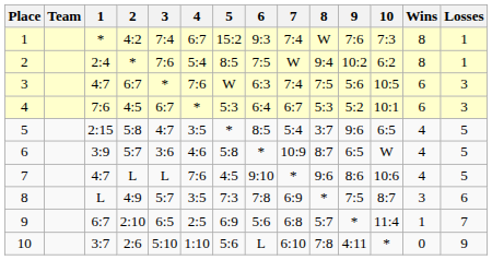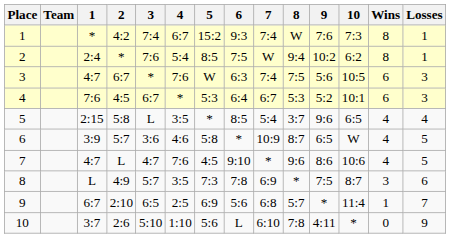 <table class="wikitable" style="text-align:center;">
 <tr>
 <th>Place</th>
 <th>Team</th>
 <th width="25">1</th>
 <th width="25">2</th>
 <th width="25">3</th>
 <th width="25">4</th>
 <th width="25">5</th>
 <th width="25">6</th>
 <th width="25">7</th>
 <th width="25">8</th>
 <th width="25">9</th>
 <th width="25">10</th>
 <th>Wins</th>
 <th>Losses</th>
 </tr>
 <tr bgcolor=#ffc>
 <td>1</td>
 <td align="left"></td>
 <td>*</td>
 <td>4:2</td>
 <td>7:4</td>
 <td>6:7</td>
 <td>15:2</td>
 <td>9:3</td>
 <td>7:4</td>
 <td>W</td>
 <td>7:6</td>
 <td>7:3</td>
 <td>8</td>
 <td>1</td>
 </tr>
 <tr bgcolor=#ffc>
 <td>2</td>
 <td align="left"></td>
 <td>2:4</td>
 <td>*</td>
 <td>7:6</td>
 <td>5:4</td>
 <td>8:5</td>
 <td>7:5</td>
 <td>W</td>
 <td>9:4</td>
 <td>10:2</td>
 <td>6:2</td>
 <td>8</td>
 <td>1</td>
 </tr>
 <tr bgcolor=#ffc>
 <td>3</td>
 <td align="left"></td>
 <td>4:7</td>
 <td>6:7</td>
 <td>*</td>
 <td>7:6</td>
 <td>W</td>
 <td>6:3</td>
 <td>7:4</td>
 <td>7:5</td>
 <td>5:6</td>
 <td>10:5</td>
 <td>6</td>
 <td>3</td>
 </tr>
 <tr bgcolor=#ffc>
 <td>4</td>
 <td align="left"></td>
 <td>7:6</td>
 <td>4:5</td>
 <td>6:7</td>
 <td>*</td>
 <td>5:3</td>
 <td>6:4</td>
 <td>6:7</td>
 <td>5:3</td>
 <td>5:2</td>
 <td>10:1</td>
 <td>6</td>
 <td>3</td>
 </tr>
 <tr>
 <td>5</td>
 <td align="left"></td>
 <td>2:15</td>
 <td>5:8</td>
-<td>4:7</td>
+<td>L</td>
 <td>3:5</td>
 <td>*</td>
 <td>8:5</td>
 <td>5:4</td>
 <td>3:7</td>
 <td>9:6</td>
 <td>6:5</td>
 <td>4</td>
-<td>5</td>
+<td>4</td>
 </tr>
 <tr>
 <td>6</td>
 <td align="left"></td>
 <td>3:9</td>
 <td>5:7</td>
 <td>3:6</td>
 <td>4:6</td>
 <td>5:8</td>
 <td>*</td>
 <td>10:9</td>
 <td>8:7</td>
 <td>6:5</td>
 <td>W</td>
 <td>4</td>
 <td>5</td>
 </tr>
 <tr>
 <td>7</td>
 <td align="left"></td>
 <td>4:7</td>
 <td>L</td>
-<td>L</td>
+<td>4:7</td>
 <td>7:6</td>
 <td>4:5</td>
 <td>9:10</td>
 <td>*</td>
 <td>9:6</td>
 <td>8:6</td>
 <td>10:6</td>
 <td>4</td>
 <td>5</td>
 </tr>
 <tr>
 <td>8</td>
 <td align="left"></td>
 <td>L</td>
 <td>4:9</td>
 <td>5:7</td>
 <td>3:5</td>
 <td>7:3</td>
 <td>7:8</td>
 <td>6:9</td>
 <td>*</td>
 <td>7:5</td>
 <td>8:7</td>
 <td>3</td>
 <td>6</td>
 </tr>
 <tr>
 <td>9</td>
 <td align="left"></td>
 <td>6:7</td>
 <td>2:10</td>
 <td>6:5</td>
 <td>2:5</td>
 <td>6:9</td>
 <td>5:6</td>
 <td>6:8</td>
 <td>5:7</td>
 <td>*</td>
 <td>11:4</td>
 <td>1</td>
 <td>7</td>
 </tr>
 <tr>
 <td>10</td>
 <td align="left"></td>
 <td>3:7</td>
 <td>2:6</td>
 <td>5:10</td>
 <td>1:10</td>
 <td>5:6</td>
 <td>L</td>
 <td>6:10</td>
 <td>7:8</td>
 <td>4:11</td>
 <td>*</td>
 <td>0</td>
 <td>9</td>
 </tr>
 </table>
